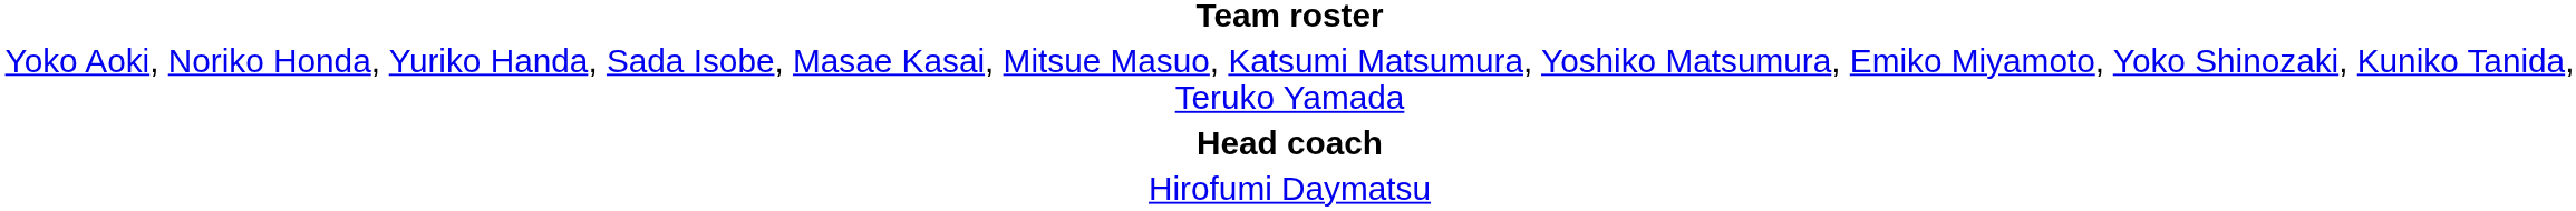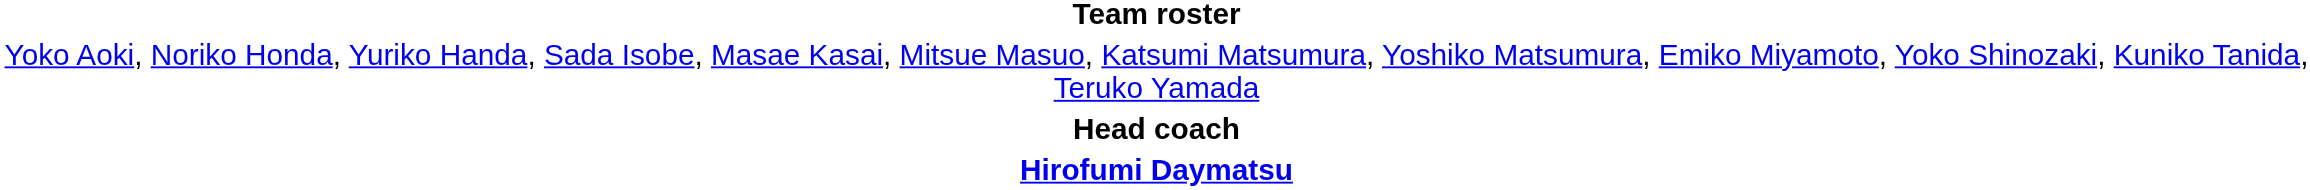 <table style="text-align: center; margin-top: 2em; margin-left: auto; margin-right: auto">
 <tr>
 <td><strong>Team roster</strong></td>
 </tr>
 <tr>
 <td><a href='#'>Yoko Aoki</a>, <a href='#'>Noriko Honda</a>, <a href='#'>Yuriko Handa</a>, <a href='#'>Sada Isobe</a>, <a href='#'>Masae Kasai</a>, <a href='#'>Mitsue Masuo</a>, <a href='#'>Katsumi Matsumura</a>, <a href='#'>Yoshiko Matsumura</a>, <a href='#'>Emiko Miyamoto</a>, <a href='#'>Yoko Shinozaki</a>, <a href='#'>Kuniko Tanida</a>, <a href='#'>Teruko Yamada</a></td>
 </tr>
 <tr>
 <td><strong>Head coach</strong></td>
 </tr>
 <tr>
-<td><a href='#'>Hirofumi Daymatsu</a></td>
+<td><strong><a href='#'>Hirofumi Daymatsu</a></strong></td>
 </tr>
 <tr>
 </tr>
 </table>
